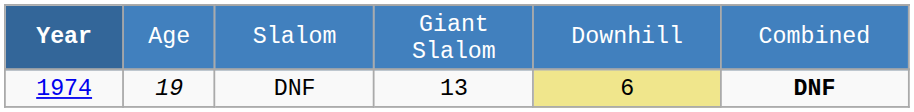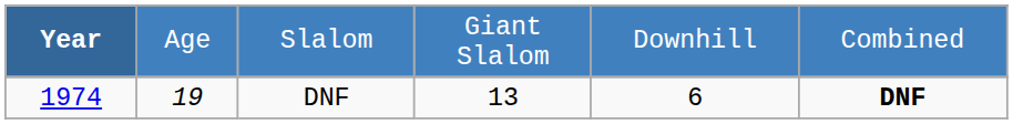 <table class="wikitable" style="font-size:100%; text-align:center; border:grey solid 1px; border-collapse:collapse;" width="40%">
 <tr style="background-color:#369; color:white;">
 <td rowspan="2" colspan="1" width="4%"><strong>Year</strong></td>
 </tr>
 <tr style="background-color:#4180be; color:white;">
 <td width="3%">Age</td>
 <td width="5%">Slalom</td>
 <td width="5%">Giant<br>Slalom</td>
 <td width="5%">Downhill</td>
 <td width="5%">Combined</td>
 </tr>
 <tr style="background-color:#8CB2D8; color:white;">
 </tr>
 <tr>
 <td><a href='#'>1974</a></td>
 <td><em>19</em></td>
 <td>DNF</td>
 <td>13</td>
-<td style="background: khaki;">6</td>
+<td>6</td>
 <td><strong>DNF</strong></td>
 </tr>
 </table>
